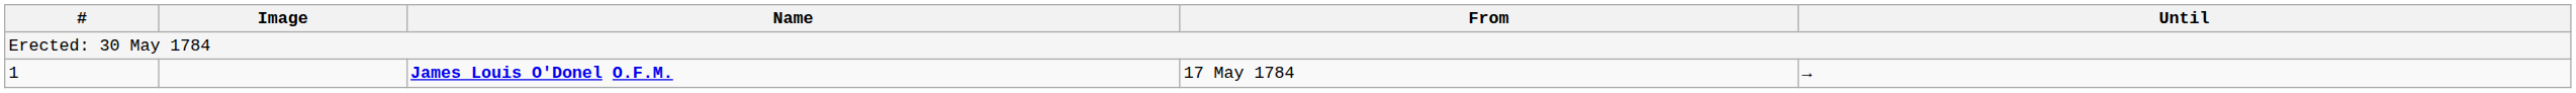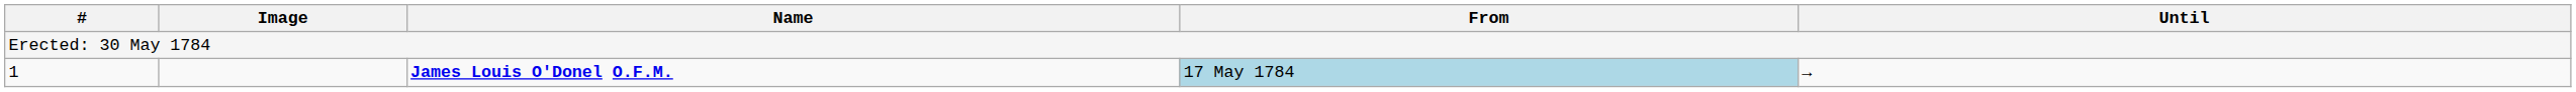 <table class="wikitable" style="width:100%">
 <tr>
 <th width="5%">#</th>
 <th width="8%">Image</th>
 <th width="25%">Name</th>
 <th width="20%">From</th>
 <th width="25%">Until</th>
 </tr>
 <tr bgcolor="#F5F5F5">
 <td colspan="5" align="left"><span>Erected: 30 May 1784</span></td>
 </tr>
 <tr>
 <td>1</td>
 <td></td>
 <td><strong><a href='#'>James Louis O'Donel</a> <a href='#'>O.F.M.</a></strong></td>
-<td>17 May 1784</td>
+<td style="background: lightblue;">17 May 1784</td>
 <td>→</td>
 </tr>
 </table>
